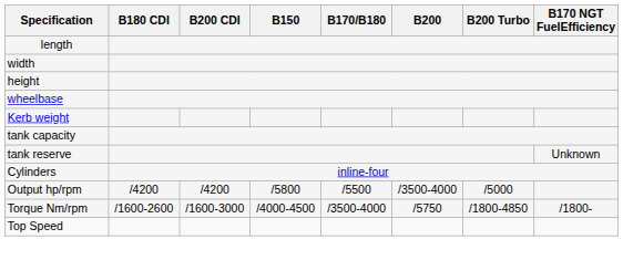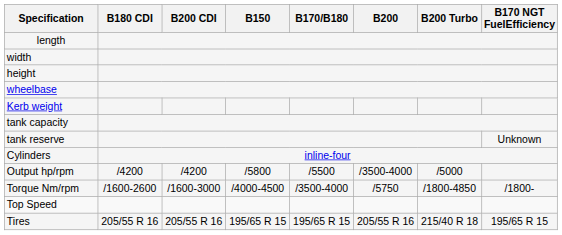 <table class="wikitable" style="text-align:center; font-size:91%">
 <tr style="text-align:center; background:#efefef;">
 <th width=123>Specification</th>
 <th width=82>B180 CDI</th>
 <th width=82>B200 CDI</th>
 <th width=82>B150</th>
 <th width=82>B170/B180</th>
 <th width=82>B200</th>
 <th width=82>B200 Turbo</th>
 <th width=82>B170 NGT FuelEfficiency</th>
 </tr>
 <tr style="text-align:center; background:#f5f5f5;">
 <td style="text-align:center;">length</td>
 <td colspan="7"></td>
 </tr>
 <tr style="text-align:center; background:#f5f5f5;">
 <td style="text-align:left;">width</td>
 <td colspan="7"></td>
 </tr>
 <tr style="text-align:center; background:#f5f5f5;">
 <td style="text-align:left;">height</td>
 <td colspan="7"></td>
 </tr>
 <tr style="text-align:center; background:#f5f5f5;">
 <td style="text-align:left;"><a href='#'>wheelbase</a></td>
 <td colspan="7"></td>
 </tr>
 <tr style="text-align:center; background:#f5f5f5;">
 <td style="text-align:left;"><a href='#'>Kerb weight</a></td>
 <td></td>
 <td></td>
 <td></td>
 <td></td>
 <td></td>
 <td></td>
 <td></td>
 </tr>
 <tr style="text-align:center; background:#f5f5f5;">
 <td style="text-align:left;">tank capacity</td>
 <td colspan="7"></td>
 </tr>
 <tr style="text-align:center; background:#f5f5f5;">
 <td style="text-align:left;">tank reserve</td>
 <td colspan="6"></td>
 <td>Unknown</td>
 </tr>
 <tr style="text-align:center; background:#f5f5f5;">
 <td style="text-align:left;">Cylinders</td>
 <td colspan="7"><a href='#'>inline-four</a></td>
 </tr>
 <tr style="text-align:center; background:#f5f5f5;">
 <td style="text-align:left;">Output hp/rpm</td>
 <td> /4200</td>
 <td> /4200</td>
 <td> /5800</td>
 <td> /5500</td>
 <td> /3500-4000</td>
 <td> /5000</td>
 <td></td>
 </tr>
 <tr style="text-align:center; background:#f5f5f5;">
 <td style="text-align:left;">Torque Nm/rpm</td>
 <td> /1600-2600</td>
 <td> /1600-3000</td>
 <td> /4000-4500</td>
 <td> /3500-4000</td>
 <td> /5750</td>
 <td> /1800-4850</td>
 <td> /1800-</td>
 </tr>
 <tr style="text-align:center; background:#;">
 <td style="text-align:left;">Top Speed</td>
 <td></td>
 <td></td>
 <td></td>
 <td></td>
 <td></td>
 <td></td>
 <td></td>
 </tr>
+<tr style="text-align:center; background:#f5f5f5;">
+<td style="text-align:left;">Tires</td>
+<td>205/55 R 16</td>
+<td>205/55 R 16</td>
+<td>195/65 R 15</td>
+<td>195/65 R 15</td>
+<td>205/55 R 16</td>
+<td>215/40 R 18</td>
+<td>195/65 R 15</td>
+</tr>
 </table>
